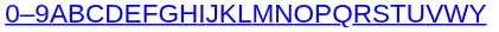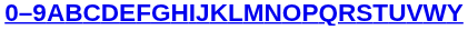 <table id="toc" class="toc" summary="Class">
 <tr>
 <th></th>
 </tr>
 <tr>
-<td style="text-align:center;"><a href='#'>0–9</a><a href='#'>A</a><a href='#'>B</a><a href='#'>C</a><a href='#'>D</a><a href='#'>E</a><a href='#'>F</a><a href='#'>G</a><a href='#'>H</a><a href='#'>I</a><a href='#'>J</a><a href='#'>K</a><a href='#'>L</a><a href='#'>M</a><a href='#'>N</a><a href='#'>O</a><a href='#'>P</a><a href='#'>Q</a><a href='#'>R</a><a href='#'>S</a><a href='#'>T</a><a href='#'>U</a><a href='#'>V</a><a href='#'>W</a><a href='#'>Y</a></td>
+<td style="text-align:center;"><strong><a href='#'>0–9</a><a href='#'>A</a><a href='#'>B</a><a href='#'>C</a><a href='#'>D</a><a href='#'>E</a><a href='#'>F</a><a href='#'>G</a><a href='#'>H</a><a href='#'>I</a><a href='#'>J</a><a href='#'>K</a><a href='#'>L</a><a href='#'>M</a><a href='#'>N</a><a href='#'>O</a><a href='#'>P</a><a href='#'>Q</a><a href='#'>R</a><a href='#'>S</a><a href='#'>T</a><a href='#'>U</a><a href='#'>V</a><a href='#'>W</a><a href='#'>Y</a></strong></td>
 </tr>
 </table>
